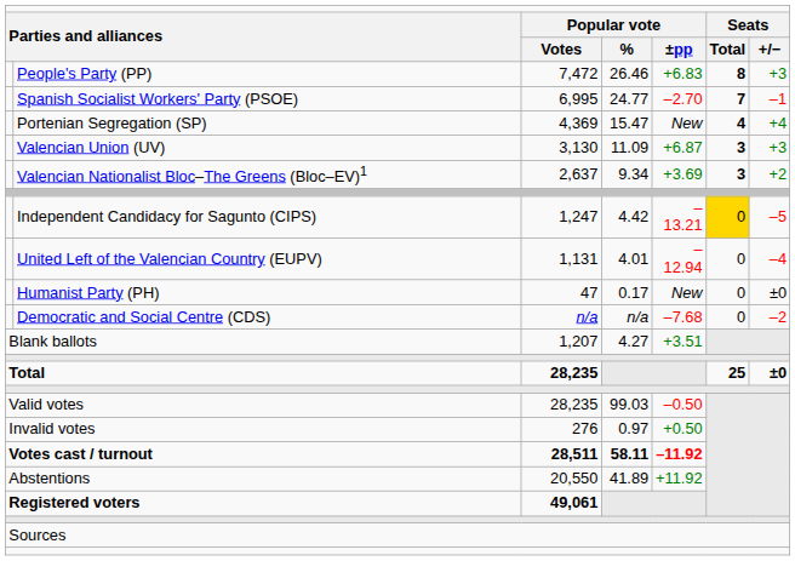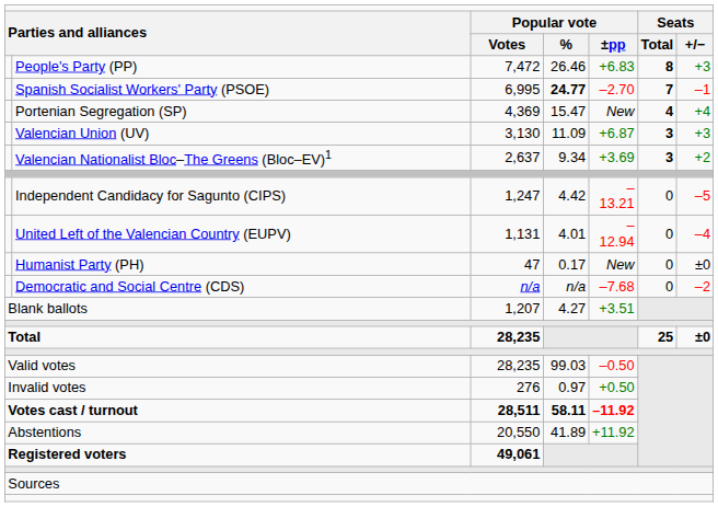 <table class="wikitable" style="text-align:right;">
 <tr>
 <td colspan="7"></td>
 </tr>
 <tr>
 <th style="text-align:left;" rowspan="2" colspan="2" width="525">Parties and alliances</th>
 <th colspan="3">Popular vote</th>
 <th colspan="2">Seats</th>
 </tr>
 <tr>
 <th width="75">Votes</th>
 <th width="45">%</th>
 <th width="45">±<a href='#'>pp</a></th>
 <th width="35">Total</th>
 <th width="35">+/−</th>
 </tr>
 <tr>
 <td width="1" style="color:inherit;background:"></td>
 <td align="left"><a href='#'>People's Party</a> (PP)</td>
 <td>7,472</td>
 <td>26.46</td>
 <td style="color:green;">+6.83</td>
 <td><strong>8</strong></td>
 <td style="color:green;">+3</td>
 </tr>
 <tr>
 <td style="color:inherit;background:"></td>
 <td align="left"><a href='#'>Spanish Socialist Workers' Party</a> (PSOE)</td>
 <td>6,995</td>
-<td>24.77</td>
+<td><strong>24.77</strong></td>
 <td style="color:red;">–2.70</td>
 <td><strong>7</strong></td>
 <td style="color:red;">–1</td>
 </tr>
 <tr>
 <td style="color:inherit;background:"></td>
 <td align="left">Portenian Segregation (SP)</td>
 <td>4,369</td>
 <td>15.47</td>
 <td><em>New</em></td>
 <td><strong>4</strong></td>
 <td style="color:green;">+4</td>
 </tr>
 <tr>
 <td style="color:inherit;background:"></td>
 <td align="left"><a href='#'>Valencian Union</a> (UV)</td>
 <td>3,130</td>
 <td>11.09</td>
 <td style="color:green;">+6.87</td>
 <td><strong>3</strong></td>
 <td style="color:green;">+3</td>
 </tr>
 <tr>
 <td style="color:inherit;background:"></td>
 <td align="left"><a href='#'>Valencian Nationalist Bloc</a>–<a href='#'>The Greens</a> (Bloc–EV)<sup>1</sup></td>
 <td>2,637</td>
 <td>9.34</td>
 <td style="color:green;">+3.69</td>
 <td><strong>3</strong></td>
 <td style="color:green;">+2</td>
 </tr>
 <tr>
 <td colspan="7" bgcolor="#C0C0C0"></td>
 </tr>
 <tr>
 <td style="color:inherit;background:"></td>
 <td align="left">Independent Candidacy for Sagunto (CIPS)</td>
 <td>1,247</td>
 <td>4.42</td>
 <td style="color:red;">–13.21</td>
-<td style="background: gold;">0</td>
+<td>0</td>
 <td style="color:red;">–5</td>
 </tr>
 <tr>
 <td style="color:inherit;background:"></td>
 <td align="left"><a href='#'>United Left of the Valencian Country</a> (EUPV)</td>
 <td>1,131</td>
 <td>4.01</td>
 <td style="color:red;">–12.94</td>
 <td>0</td>
 <td style="color:red;">–4</td>
 </tr>
 <tr>
 <td style="color:inherit;background:"></td>
 <td align="left"><a href='#'>Humanist Party</a> (PH)</td>
 <td>47</td>
 <td>0.17</td>
 <td><em>New</em></td>
 <td>0</td>
 <td>±0</td>
 </tr>
 <tr>
 <td style="color:inherit;background:"></td>
 <td align="left"><a href='#'>Democratic and Social Centre</a> (CDS)</td>
 <td><em><a href='#'>n/a</a></em></td>
 <td><em>n/a</em></td>
 <td style="color:red;">–7.68</td>
 <td>0</td>
 <td style="color:red;">–2</td>
 </tr>
 <tr>
 <td align="left" colspan="2">Blank ballots</td>
 <td>1,207</td>
 <td>4.27</td>
 <td style="color:green;">+3.51</td>
 <td bgcolor="#E9E9E9" colspan="2"></td>
 </tr>
 <tr>
 <td colspan="7" bgcolor="#E9E9E9"></td>
 </tr>
 <tr style="font-weight:bold;">
 <td align="left" colspan="2">Total</td>
 <td>28,235</td>
 <td bgcolor="#E9E9E9" colspan="2"></td>
 <td>25</td>
 <td>±0</td>
 </tr>
 <tr>
 <td colspan="7" bgcolor="#E9E9E9"></td>
 </tr>
 <tr>
 <td align="left" colspan="2">Valid votes</td>
 <td>28,235</td>
 <td>99.03</td>
 <td style="color:red;">–0.50</td>
 <td bgcolor="#E9E9E9" colspan="2" rowspan="5"></td>
 </tr>
 <tr>
 <td align="left" colspan="2">Invalid votes</td>
 <td>276</td>
 <td>0.97</td>
 <td style="color:green;">+0.50</td>
 </tr>
 <tr style="font-weight:bold;">
 <td align="left" colspan="2">Votes cast / turnout</td>
 <td>28,511</td>
 <td>58.11</td>
 <td style="color:red;">–11.92</td>
 </tr>
 <tr>
 <td align="left" colspan="2">Abstentions</td>
 <td>20,550</td>
 <td>41.89</td>
 <td style="color:green;">+11.92</td>
 </tr>
 <tr style="font-weight:bold;">
 <td align="left" colspan="2">Registered voters</td>
 <td>49,061</td>
 <td bgcolor="#E9E9E9" colspan="2"></td>
 </tr>
 <tr>
 <td colspan="7" bgcolor="#E9E9E9"></td>
 </tr>
 <tr>
 <td align="left" colspan="7">Sources</td>
 </tr>
 <tr>
 <td colspan="7" style="text-align:left; max-width:790px;"></td>
 </tr>
 </table>
